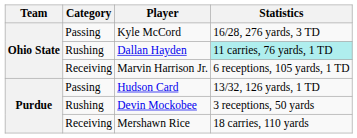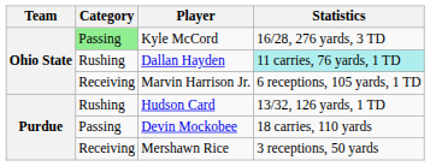 <table class="wikitable" style="float:right">
 <tr>
 <th>Team</th>
 <th>Category</th>
 <th>Player</th>
 <th>Statistics</th>
 </tr>
 <tr>
 <th rowspan=3>Ohio State</th>
-<td>Passing</td>
+<td style="background: lightgreen;">Passing</td>
 <td>Kyle McCord</td>
 <td>16/28, 276 yards, 3 TD</td>
 </tr>
 <tr>
 <td>Rushing</td>
 <td><a href='#'>Dallan Hayden</a></td>
 <td style="background: paleturquoise;">11 carries, 76 yards, 1 TD</td>
 </tr>
 <tr>
 <td>Receiving</td>
 <td>Marvin Harrison Jr.</td>
 <td>6 receptions, 105 yards, 1 TD</td>
 </tr>
 <tr>
 <th rowspan=3>Purdue</th>
-<td>Passing</td>
+<td>Rushing</td>
 <td><a href='#'>Hudson Card</a></td>
 <td>13/32, 126 yards, 1 TD</td>
 </tr>
 <tr>
-<td>Rushing</td>
+<td>Passing</td>
 <td><a href='#'>Devin Mockobee</a></td>
-<td>3 receptions, 50 yards</td>
+<td>18 carries, 110 yards</td>
 </tr>
 <tr>
 <td>Receiving</td>
 <td>Mershawn Rice</td>
-<td>18 carries, 110 yards</td>
+<td>3 receptions, 50 yards</td>
 </tr>
 </table>
